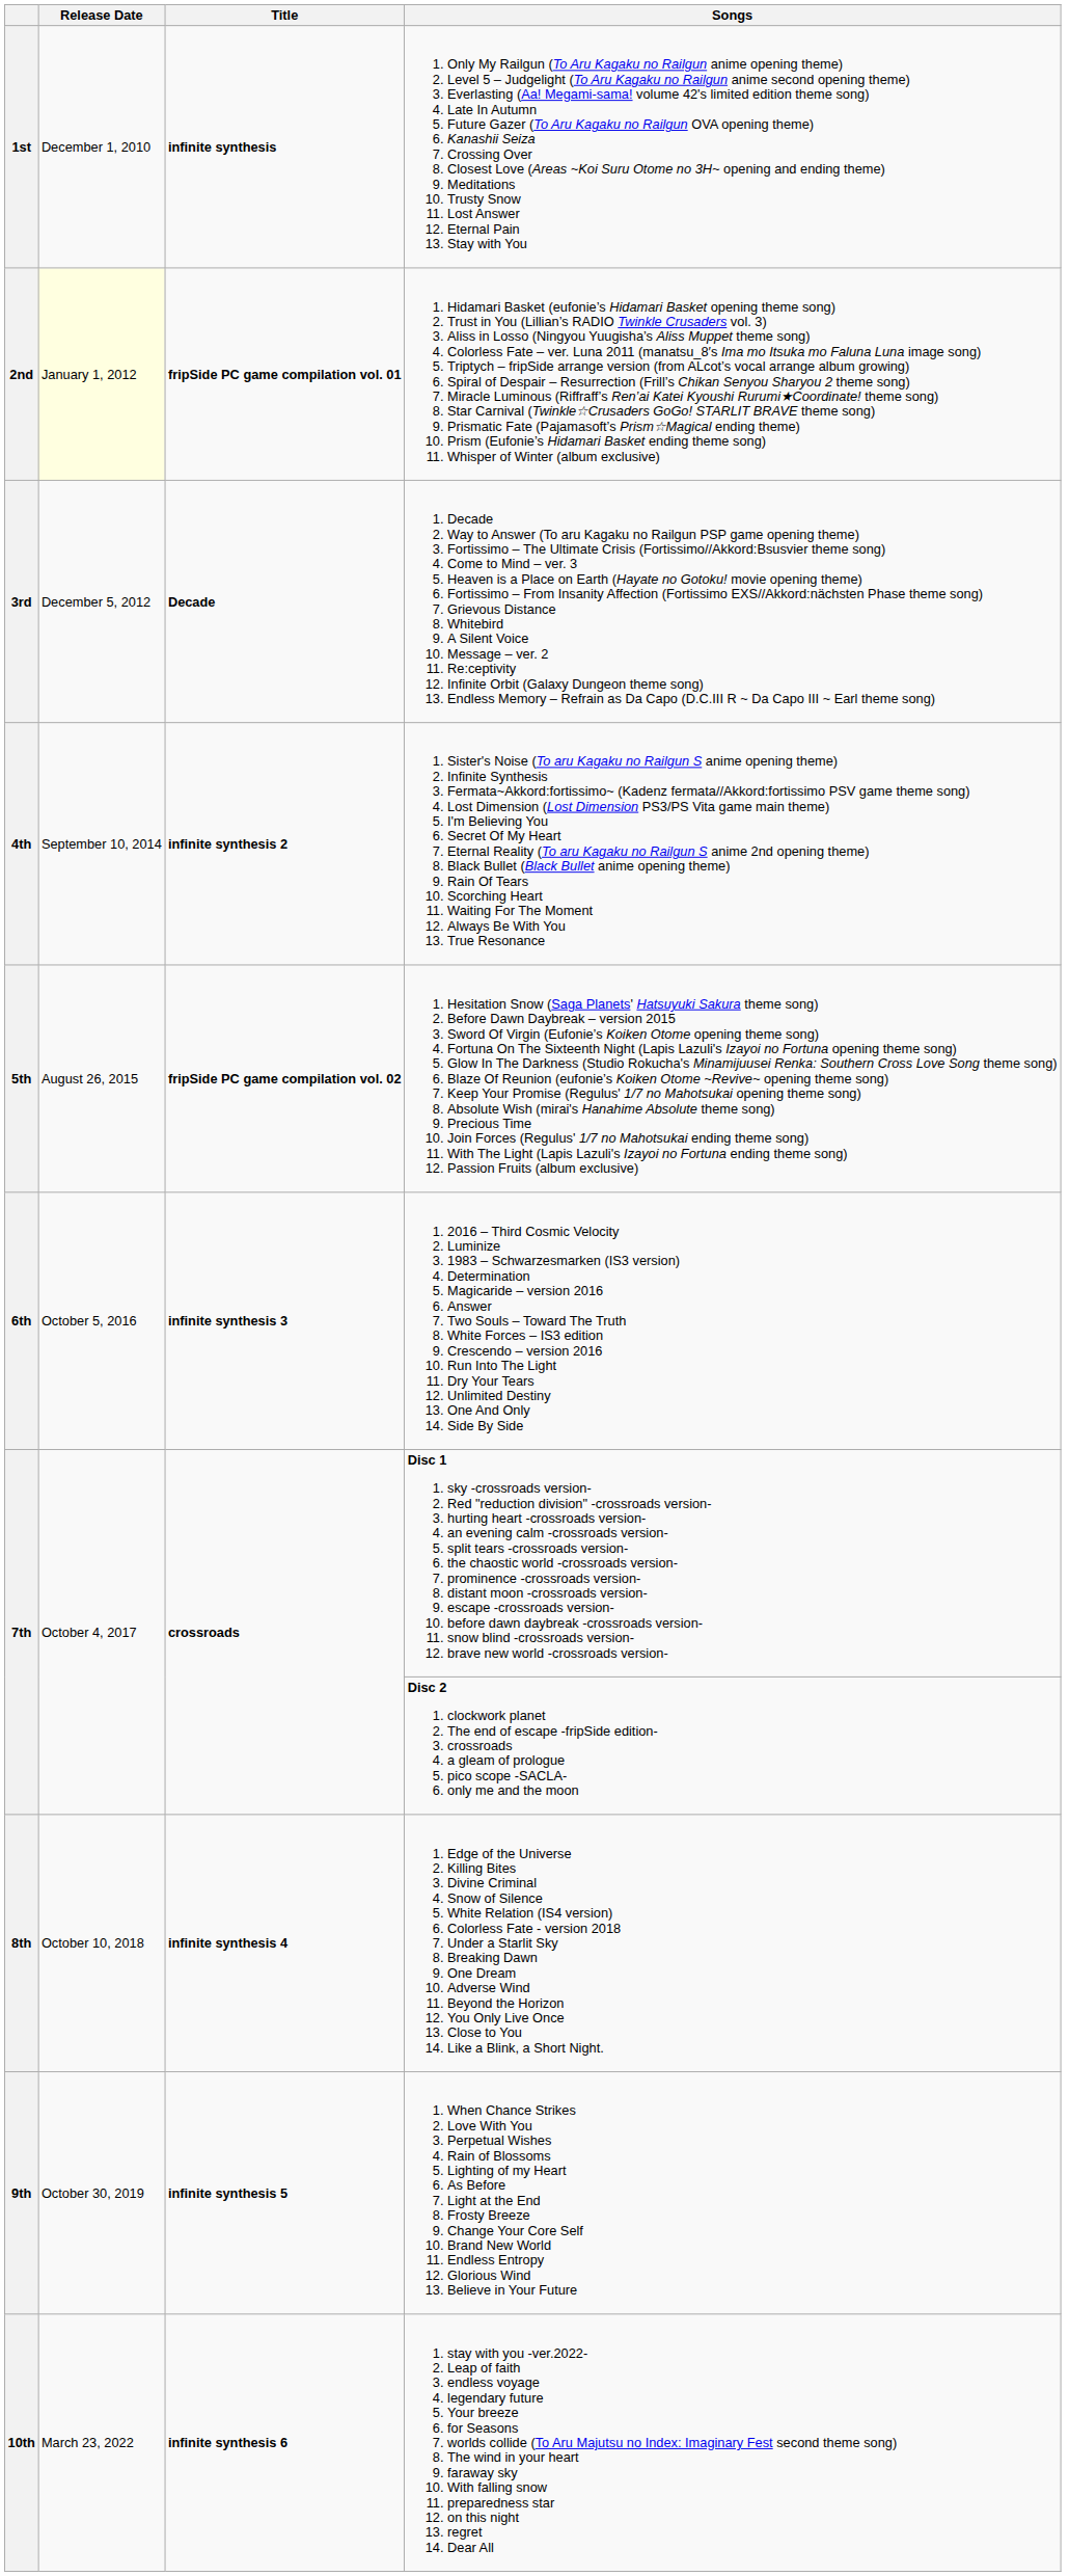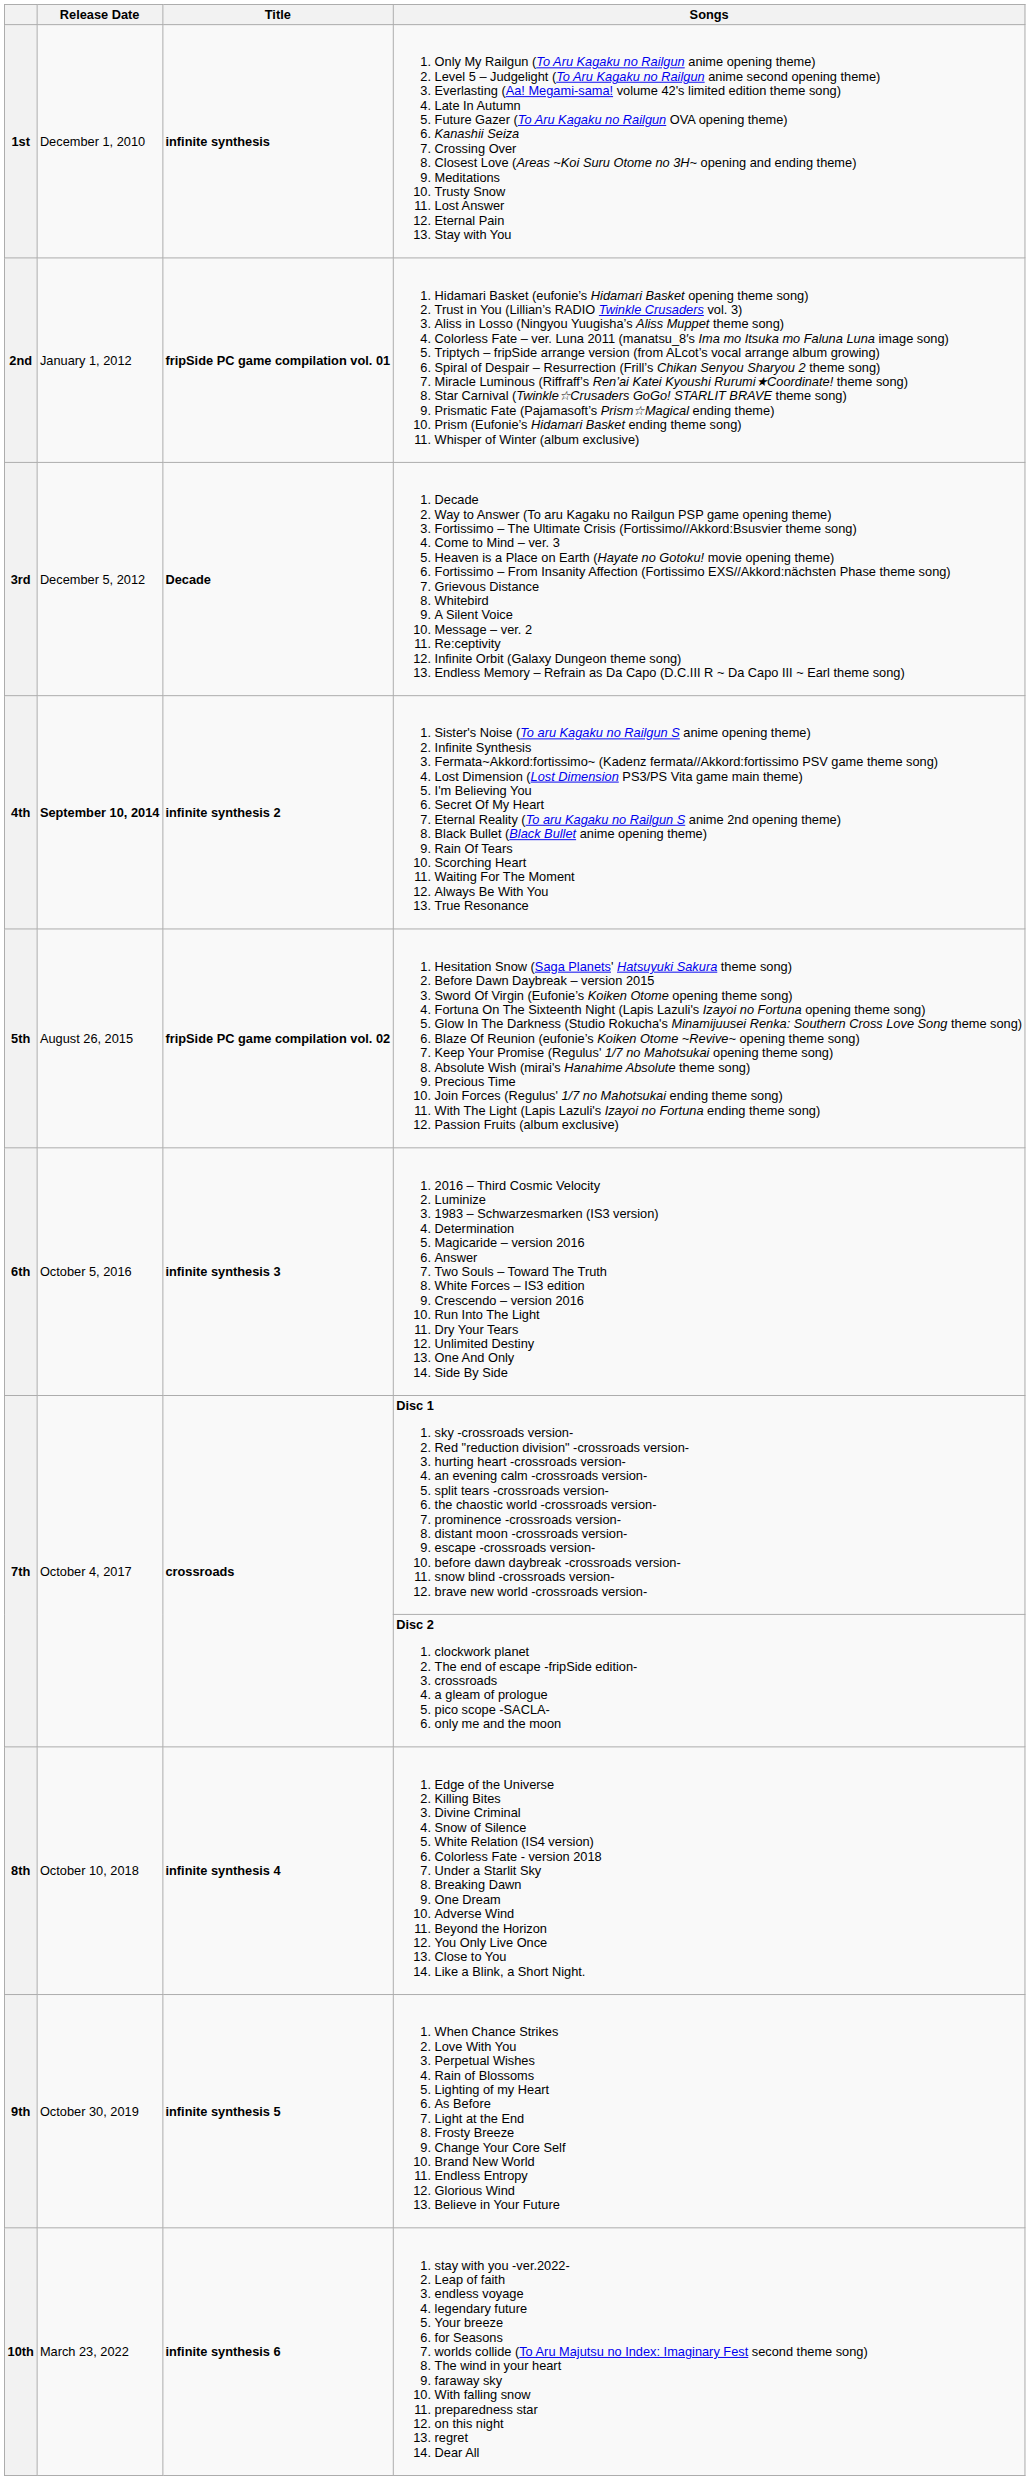 <table class="wikitable" style="font-size:smaller">
 <tr>
 <th> </th>
 <th>Release Date</th>
 <th>Title</th>
 <th>Songs</th>
 </tr>
 <tr>
 <th>1st</th>
 <td>December 1, 2010</td>
 <td><strong>infinite synthesis</strong></td>
 <td><br><ol><li>Only My Railgun (<em><a href='#'>To Aru Kagaku no Railgun</a></em> anime opening theme)</li><li>Level 5 – Judgelight (<em><a href='#'>To Aru Kagaku no Railgun</a></em> anime second opening theme)</li><li>Everlasting (<a href='#'>Aa! Megami-sama!</a> volume 42's limited edition theme song)</li><li>Late In Autumn</li><li>Future Gazer (<em><a href='#'>To Aru Kagaku no Railgun</a></em> OVA opening theme)</li><li><em>Kanashii Seiza</em></li><li>Crossing Over</li><li>Closest Love (<em>Areas ~Koi Suru Otome no 3H~</em> opening and ending theme)</li><li>Meditations</li><li>Trusty Snow</li><li>Lost Answer</li><li>Eternal Pain</li><li>Stay with You</li></ol></td>
 </tr>
 <tr>
 <th>2nd</th>
-<td style="background: lightyellow;">January 1, 2012</td>
+<td>January 1, 2012</td>
 <td><strong>fripSide PC game compilation vol. 01</strong></td>
 <td><br><ol><li>Hidamari Basket (eufonie’s <em>Hidamari Basket</em> opening theme song)</li><li>Trust in You (Lillian’s RADIO <em><a href='#'>Twinkle Crusaders</a></em> vol. 3)</li><li>Aliss in Losso (Ningyou Yuugisha’s <em>Aliss Muppet</em> theme song)</li><li>Colorless Fate – ver. Luna 2011 (manatsu_8′s <em>Ima mo Itsuka mo Faluna Luna</em> image song)</li><li>Triptych – fripSide arrange version (from ALcot’s vocal arrange album growing)</li><li>Spiral of Despair – Resurrection (Frill’s <em>Chikan Senyou Sharyou 2</em> theme song)</li><li>Miracle Luminous (Riffraff’s <em>Ren’ai Katei Kyoushi Rurumi★Coordinate!</em> theme song)</li><li>Star Carnival (<em>Twinkle☆Crusaders GoGo! STARLIT BRAVE</em> theme song)</li><li>Prismatic Fate (Pajamasoft’s <em>Prism☆Magical</em> ending theme)</li><li>Prism (Eufonie’s <em>Hidamari Basket</em> ending theme song)</li><li>Whisper of Winter (album exclusive)</li></ol></td>
 </tr>
 <tr>
 <th>3rd</th>
 <td>December 5, 2012</td>
 <td><strong>Decade</strong></td>
 <td><br><ol><li>Decade</li><li>Way to Answer (To aru Kagaku no Railgun PSP game opening theme)</li><li>Fortissimo – The Ultimate Crisis (Fortissimo//Akkord:Bsusvier theme song)</li><li>Come to Mind – ver. 3</li><li>Heaven is a Place on Earth (<em>Hayate no Gotoku!</em> movie opening theme)</li><li>Fortissimo – From Insanity Affection (Fortissimo EXS//Akkord:nächsten Phase theme song)</li><li>Grievous Distance</li><li>Whitebird</li><li>A Silent Voice</li><li>Message – ver. 2</li><li>Re:ceptivity</li><li>Infinite Orbit (Galaxy Dungeon theme song)</li><li>Endless Memory – Refrain as Da Capo (D.C.III R ~ Da Capo III ~ Earl theme song)</li></ol></td>
 </tr>
 <tr>
 <th>4th</th>
-<td>September 10, 2014</td>
+<td><strong>September 10, 2014</strong></td>
 <td><strong>infinite synthesis 2</strong></td>
 <td><br><ol><li>Sister's Noise (<em><a href='#'>To aru Kagaku no Railgun S</a></em> anime opening theme)</li><li>Infinite Synthesis</li><li>Fermata~Akkord:fortissimo~ (Kadenz fermata//Akkord:fortissimo PSV game theme song)</li><li>Lost Dimension (<em><a href='#'>Lost Dimension</a></em> PS3/PS Vita game main theme)</li><li>I'm Believing You</li><li>Secret Of My Heart</li><li>Eternal Reality (<em><a href='#'>To aru Kagaku no Railgun S</a></em> anime 2nd opening theme)</li><li>Black Bullet (<em><a href='#'>Black Bullet</a></em> anime opening theme)</li><li>Rain Of Tears</li><li>Scorching Heart</li><li>Waiting For The Moment</li><li>Always Be With You</li><li>True Resonance</li></ol></td>
 </tr>
 <tr>
 <th>5th</th>
 <td>August 26, 2015</td>
 <td><strong>fripSide PC game compilation vol. 02</strong></td>
 <td><br><ol><li>Hesitation Snow (<a href='#'>Saga Planets</a>' <em><a href='#'>Hatsuyuki Sakura</a></em> theme song)</li><li>Before Dawn Daybreak – version 2015</li><li>Sword Of Virgin (Eufonie’s <em>Koiken Otome</em> opening theme song)</li><li>Fortuna On The Sixteenth Night (Lapis Lazuli's <em>Izayoi no Fortuna</em> opening theme song)</li><li>Glow In The Darkness (Studio Rokucha's <em>Minamijuusei Renka: Southern Cross Love Song</em> theme song)</li><li>Blaze Of Reunion (eufonie’s <em>Koiken Otome ~Revive~</em> opening theme song)</li><li>Keep Your Promise (Regulus' <em>1/7 no Mahotsukai</em> opening theme song)</li><li>Absolute Wish (mirai's <em>Hanahime Absolute</em> theme song)</li><li>Precious Time</li><li>Join Forces (Regulus' <em>1/7 no Mahotsukai</em> ending theme song)</li><li>With The Light (Lapis Lazuli's <em>Izayoi no Fortuna</em> ending theme song)</li><li>Passion Fruits (album exclusive)</li></ol></td>
 </tr>
 <tr>
 <th>6th</th>
 <td>October 5, 2016</td>
 <td><strong>infinite synthesis 3</strong></td>
 <td><br><ol><li>2016 – Third Cosmic Velocity</li><li>Luminize</li><li>1983 – Schwarzesmarken (IS3 version)</li><li>Determination</li><li>Magicaride – version 2016</li><li>Answer</li><li>Two Souls – Toward The Truth</li><li>White Forces – IS3 edition</li><li>Crescendo – version 2016</li><li>Run Into The Light</li><li>Dry Your Tears</li><li>Unlimited Destiny</li><li>One And Only</li><li>Side By Side</li></ol></td>
 </tr>
 <tr>
 <th rowspan="2">7th</th>
 <td rowspan="2">October 4, 2017</td>
 <td rowspan="2"><strong>crossroads</strong></td>
 <td><strong>Disc 1</strong><br><ol><li>sky -crossroads version-</li><li>Red "reduction division" -crossroads version-</li><li>hurting heart -crossroads version-</li><li>an evening calm -crossroads version-</li><li>split tears -crossroads version-</li><li>the chaostic world -crossroads version-</li><li>prominence -crossroads version-</li><li>distant moon -crossroads version-</li><li>escape -crossroads version-</li><li>before dawn daybreak -crossroads version-</li><li>snow blind -crossroads version-</li><li>brave new world -crossroads version-</li></ol></td>
 </tr>
 <tr>
 <td><strong>Disc 2</strong><br><ol><li>clockwork planet</li><li>The end of escape -fripSide edition-</li><li>crossroads</li><li>a gleam of prologue</li><li>pico scope -SACLA-</li><li>only me and the moon</li></ol></td>
 </tr>
 <tr>
 <th>8th</th>
 <td>October 10, 2018</td>
 <td><strong>infinite synthesis 4</strong></td>
 <td><br><ol><li>Edge of the Universe</li><li>Killing Bites</li><li>Divine Criminal</li><li>Snow of Silence</li><li>White Relation (IS4 version)</li><li>Colorless Fate - version 2018</li><li>Under a Starlit Sky</li><li>Breaking Dawn</li><li>One Dream</li><li>Adverse Wind</li><li>Beyond the Horizon</li><li>You Only Live Once</li><li>Close to You</li><li>Like a Blink, a Short Night.</li></ol></td>
 </tr>
 <tr>
 <th>9th</th>
 <td>October 30, 2019</td>
 <td><strong>infinite synthesis 5</strong></td>
 <td><br><ol><li>When Chance Strikes</li><li>Love With You</li><li>Perpetual Wishes</li><li>Rain of Blossoms</li><li>Lighting of my Heart</li><li>As Before</li><li>Light at the End</li><li>Frosty Breeze</li><li>Change Your Core Self</li><li>Brand New World</li><li>Endless Entropy</li><li>Glorious Wind</li><li>Believe in Your Future</li></ol></td>
 </tr>
 <tr>
 <th>10th</th>
 <td>March 23, 2022</td>
 <td><strong>infinite synthesis 6</strong></td>
 <td><br><ol><li>stay with you -ver.2022-</li><li>Leap of faith</li><li>endless voyage</li><li>legendary future</li><li>Your breeze</li><li>for Seasons</li><li>worlds collide (<a href='#'>To Aru Majutsu no Index: Imaginary Fest</a> second theme song)</li><li>The wind in your heart</li><li>faraway sky</li><li>With falling snow</li><li>preparedness star</li><li>on this night</li><li>regret</li><li>Dear All</li></ol></td>
 </tr>
 </table>
